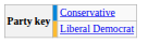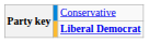 <table class=wikitable>
 <tr>
 <th rowspan=2>Party key</th>
 <td style="background:#0087DC"></td>
 <td><a href='#'>Conservative</a></td>
 </tr>
 <tr>
 <td style="background:#FDBB30"></td>
-<td><a href='#'>Liberal Democrat</a></td>
+<td><strong><a href='#'>Liberal Democrat</a></strong></td>
 </tr>
 </table>
